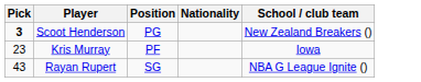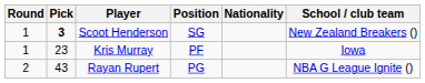 <table class="wikitable sortable sortable">
 <tr>
+<th>Round</th>
 <th>Pick</th>
 <th>Player</th>
 <th>Position</th>
 <th>Nationality</th>
 <th>School / club team</th>
 </tr>
 <tr style="text-align: center">
+<td>1</td>
 <td><strong>3</strong></td>
 <td><a href='#'>Scoot Henderson</a></td>
-<td><a href='#'>PG</a></td>
+<td><a href='#'>SG</a></td>
 <td></td>
 <td><a href='#'>New Zealand Breakers</a> ()</td>
 </tr>
 <tr style="text-align: center">
+<td>1</td>
 <td>23</td>
 <td><a href='#'>Kris Murray</a></td>
 <td><a href='#'>PF</a></td>
 <td></td>
 <td><a href='#'>Iowa</a></td>
 </tr>
 <tr style="text-align: center">
+<td>2</td>
 <td>43</td>
 <td><a href='#'>Rayan Rupert</a></td>
-<td><a href='#'>SG</a></td>
+<td><a href='#'>PG</a></td>
 <td></td>
 <td><a href='#'>NBA G League Ignite</a> ()</td>
 </tr>
 </table>
